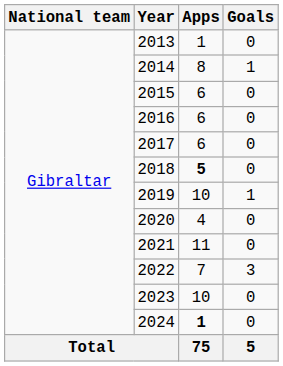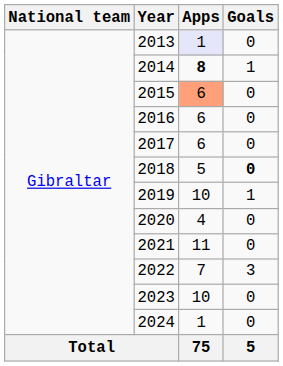 <table class="wikitable" style="text-align:center">
 <tr>
 <th>National team</th>
 <th>Year</th>
 <th>Apps</th>
 <th>Goals</th>
 </tr>
 <tr>
 <td rowspan="12"><a href='#'>Gibraltar</a></td>
 <td>2013</td>
-<td>1</td>
+<td style="background: lavender;">1</td>
 <td>0</td>
 </tr>
 <tr>
 <td>2014</td>
-<td>8</td>
+<td><strong>8</strong></td>
 <td>1</td>
 </tr>
 <tr>
 <td>2015</td>
-<td>6</td>
+<td style="background: lightsalmon;">6</td>
 <td>0</td>
 </tr>
 <tr>
 <td>2016</td>
 <td>6</td>
 <td>0</td>
 </tr>
 <tr>
 <td>2017</td>
 <td>6</td>
 <td>0</td>
 </tr>
 <tr>
 <td>2018</td>
-<td><strong>5</strong></td>
-<td>0</td>
+<td>5</td>
+<td><strong>0</strong></td>
 </tr>
 <tr>
 <td>2019</td>
 <td>10</td>
 <td>1</td>
 </tr>
 <tr>
 <td>2020</td>
 <td>4</td>
 <td>0</td>
 </tr>
 <tr>
 <td>2021</td>
 <td>11</td>
 <td>0</td>
 </tr>
 <tr>
 <td>2022</td>
 <td>7</td>
 <td>3</td>
 </tr>
 <tr>
 <td>2023</td>
 <td>10</td>
 <td>0</td>
 </tr>
 <tr>
 <td>2024</td>
-<td><strong>1</strong></td>
+<td>1</td>
 <td>0</td>
 </tr>
 <tr>
 <th colspan="2">Total</th>
 <th>75</th>
 <th>5</th>
 </tr>
 </table>
